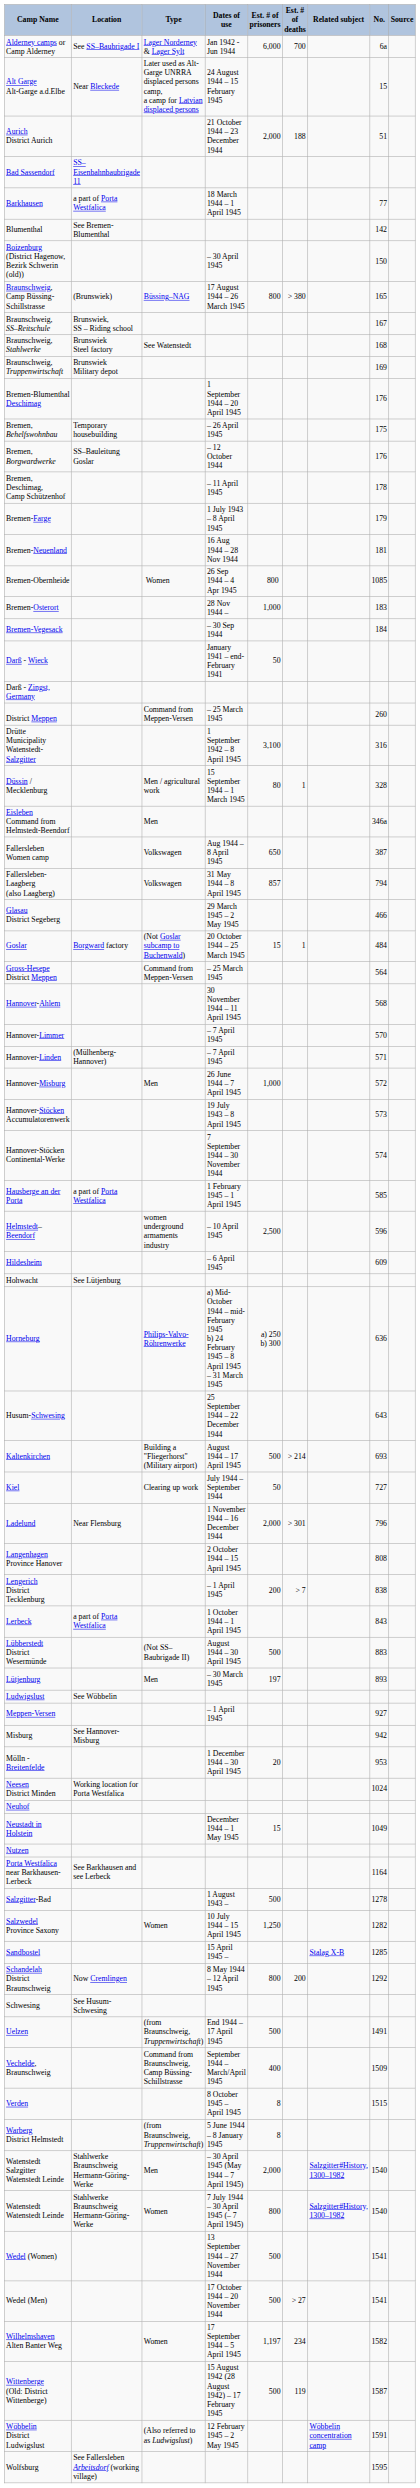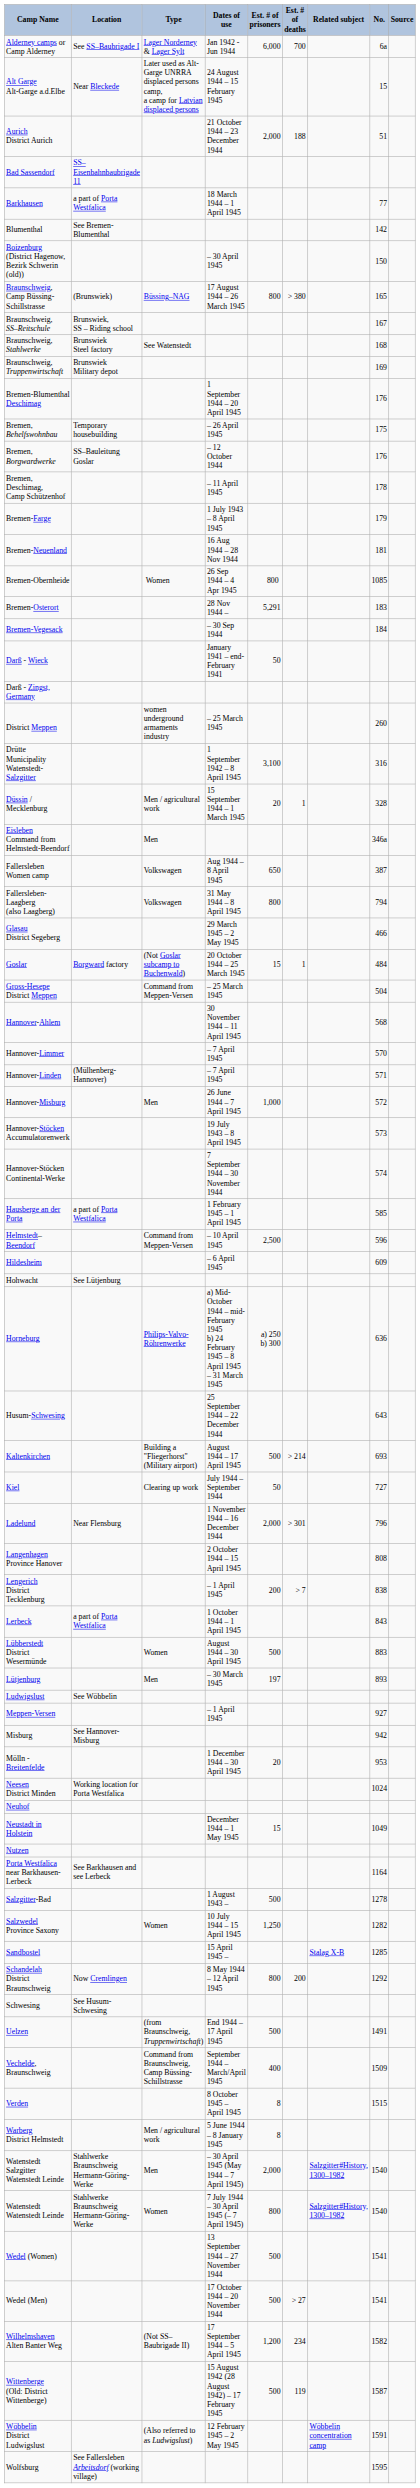 <table class="wikitable" width="100%" style="font-size: 90%;">
 <tr>
 <th style="text-align:center;background:#B0C4DE">Camp Name</th>
 <th style="text-align:center;background:#B0C4DE">Location</th>
 <th style="text-align:center;background:#B0C4DE">Type</th>
 <th style="text-align:center;background:#B0C4DE">Dates of use</th>
 <th style="text-align:center;background:#B0C4DE">Est. # of prisoners</th>
 <th style="text-align:center;background:#B0C4DE">Est. # of deaths</th>
 <th style="text-align:center;background:#B0C4DE">Related subject</th>
 <th style="text-align:center;background:#B0C4DE">No.</th>
 <th style="text-align:center;background:#B0C4DE">Source</th>
 </tr>
 <tr>
 <td><a href='#'>Alderney camps</a> or Camp Alderney</td>
 <td>See <a href='#'>SS–Baubrigade I</a></td>
 <td><a href='#'>Lager Norderney</a> & <a href='#'>Lager Sylt</a></td>
 <td>Jan 1942 - Jun 1944</td>
 <td style="text-align:right;">6,000</td>
 <td style="text-align:right;">700</td>
 <td></td>
 <td style="text-align:right;">6a</td>
 <td></td>
 </tr>
 <tr>
 <td><a href='#'>Alt Garge</a><br>Alt-Garge a.d.Elbe</td>
 <td>Near <a href='#'>Bleckede</a></td>
 <td>Later used as Alt-Garge UNRRA displaced persons camp,<br>a camp for <a href='#'>Latvian</a> <a href='#'>displaced persons</a></td>
 <td>24 August 1944 – 15 February 1945</td>
 <td style="text-align:right;"></td>
 <td style="text-align:right;"></td>
 <td></td>
 <td style="text-align:right;">15</td>
 <td></td>
 </tr>
 <tr>
 <td><a href='#'>Aurich</a><br>District Aurich</td>
 <td></td>
 <td></td>
 <td>21 October 1944 – 23 December 1944</td>
 <td style="text-align:right;">2,000</td>
 <td style="text-align:right;">188</td>
 <td></td>
 <td style="text-align:right;">51</td>
 <td></td>
 </tr>
 <tr>
 <td><a href='#'>Bad Sassendorf</a></td>
 <td><a href='#'>SS–Eisenbahnbaubrigade 11</a></td>
 <td></td>
 <td></td>
 <td style="text-align:right;"></td>
 <td style="text-align:right;"></td>
 <td></td>
 <td></td>
 <td></td>
 </tr>
 <tr>
 <td><a href='#'>Barkhausen</a></td>
 <td>a part of <a href='#'>Porta Westfalica</a></td>
 <td></td>
 <td>18 March 1944 – 1 April 1945</td>
 <td style="text-align:right;"></td>
 <td style="text-align:right;"></td>
 <td></td>
 <td style="text-align:right;">77</td>
 <td></td>
 </tr>
 <tr>
 <td>Blumenthal</td>
 <td>See Bremen-Blumenthal</td>
 <td></td>
 <td></td>
 <td style="text-align:right;"></td>
 <td style="text-align:right;"></td>
 <td></td>
 <td style="text-align:right;">142</td>
 <td></td>
 </tr>
 <tr>
 <td><a href='#'>Boizenburg</a><br>(District Hagenow, Bezirk Schwerin (old))</td>
 <td></td>
 <td></td>
 <td>– 30 April 1945</td>
 <td style="text-align:right;"></td>
 <td style="text-align:right;"></td>
 <td></td>
 <td style="text-align:right;">150</td>
 <td></td>
 </tr>
 <tr>
 <td><a href='#'>Braunschweig</a>,<br>Camp Büssing-Schillstrasse</td>
 <td>(Brunswiek)</td>
 <td><a href='#'>Büssing–NAG</a></td>
 <td>17 August 1944 – 26 March 1945</td>
 <td style="text-align:right;">800</td>
 <td style="text-align:right;">> 380</td>
 <td></td>
 <td style="text-align:right;">165</td>
 <td></td>
 </tr>
 <tr>
 <td>Braunschweig,<br><em>SS–Reitschule</em></td>
 <td>Brunswiek,<br>SS – Riding school</td>
 <td></td>
 <td></td>
 <td style="text-align:right;"></td>
 <td style="text-align:right;"></td>
 <td></td>
 <td style="text-align:right;">167</td>
 <td></td>
 </tr>
 <tr>
 <td>Braunschweig,<br><em>Stahlwerke</em></td>
 <td>Brunswiek<br>Steel factory</td>
 <td>See Watenstedt</td>
 <td></td>
 <td style="text-align:right;"></td>
 <td style="text-align:right;"></td>
 <td></td>
 <td style="text-align:right;">168</td>
 <td></td>
 </tr>
 <tr>
 <td>Braunschweig,<br><em>Truppenwirtschaft</em></td>
 <td>Brunswiek<br>Military depot</td>
 <td></td>
 <td></td>
 <td style="text-align:right;"></td>
 <td style="text-align:right;"></td>
 <td></td>
 <td style="text-align:right;">169</td>
 <td></td>
 </tr>
 <tr>
 <td>Bremen-Blumenthal<br><a href='#'>Deschimag</a></td>
 <td></td>
 <td></td>
 <td>1 September 1944 – 20 April 1945</td>
 <td style="text-align:right;"></td>
 <td style="text-align:right;"></td>
 <td></td>
 <td style="text-align:right;">176</td>
 <td></td>
 </tr>
 <tr>
 <td>Bremen, <em>Behelfswohnbau</em></td>
 <td>Temporary housebuilding</td>
 <td></td>
 <td>– 26 April 1945</td>
 <td style="text-align:right;"></td>
 <td style="text-align:right;"></td>
 <td></td>
 <td style="text-align:right;">175</td>
 <td></td>
 </tr>
 <tr>
 <td>Bremen, <em>Borgwardwerke</em></td>
 <td>SS–Bauleitung Goslar</td>
 <td></td>
 <td>– 12 October 1944</td>
 <td style="text-align:right;"></td>
 <td style="text-align:right;"></td>
 <td></td>
 <td style="text-align:right;">176</td>
 <td></td>
 </tr>
 <tr>
 <td>Bremen, Deschimag,<br>Camp Schützenhof</td>
 <td></td>
 <td></td>
 <td>– 11 April 1945</td>
 <td style="text-align:right;"></td>
 <td style="text-align:right;"></td>
 <td></td>
 <td style="text-align:right;">178</td>
 <td></td>
 </tr>
 <tr>
 <td>Bremen-<a href='#'>Farge</a></td>
 <td></td>
 <td></td>
 <td>1 July 1943 – 8 April 1945</td>
 <td style="text-align:right;"></td>
 <td style="text-align:right;"></td>
 <td></td>
 <td style="text-align:right;">179</td>
 <td> </td>
 </tr>
 <tr>
 <td>Bremen-<a href='#'>Neuenland</a></td>
 <td></td>
 <td></td>
 <td>16 Aug 1944 – 28 Nov 1944</td>
 <td style="text-align:right;"></td>
 <td style="text-align:right;"></td>
 <td></td>
 <td style="text-align:right;">181</td>
 <td></td>
 </tr>
 <tr>
 <td>Bremen-Obernheide</td>
 <td></td>
 <td> Women</td>
 <td>26 Sep 1944 – 4 Apr 1945</td>
 <td style="text-align:right;">800 </td>
 <td style="text-align:right;"></td>
 <td style="text-align:right;"></td>
 <td style="text-align:right;">1085</td>
 <td></td>
 </tr>
 <tr>
 <td>Bremen-<a href='#'>Osterort</a></td>
 <td></td>
 <td></td>
 <td>28 Nov 1944 –</td>
-<td style="text-align:right;">1,000</td>
+<td style="text-align:right;">5,291</td>
 <td style="text-align:right;"></td>
 <td></td>
 <td style="text-align:right;">183</td>
 <td></td>
 </tr>
 <tr>
 <td><a href='#'>Bremen-Vegesack</a></td>
 <td></td>
 <td></td>
 <td>– 30 Sep 1944</td>
 <td style="text-align:right;"></td>
 <td style="text-align:right;"></td>
 <td></td>
 <td style="text-align:right;">184</td>
 <td></td>
 </tr>
 <tr>
 <td><a href='#'>Darß</a> - <a href='#'>Wieck</a></td>
 <td></td>
 <td></td>
 <td>January 1941 – end-February 1941</td>
 <td style="text-align:right;">50</td>
 <td style="text-align:right;"></td>
 <td></td>
 <td></td>
 <td></td>
 </tr>
 <tr>
 <td>Darß - <a href='#'>Zingst, Germany</a></td>
 <td></td>
 <td></td>
 <td></td>
 <td style="text-align:right;"></td>
 <td style="text-align:right;"></td>
 <td></td>
 <td></td>
 <td></td>
 </tr>
 <tr>
 <td><br>District <a href='#'>Meppen</a></td>
 <td></td>
-<td>Command from Meppen-Versen</td>
+<td>women<br>underground armaments industry</td>
 <td>– 25 March 1945</td>
 <td style="text-align:right;"></td>
 <td style="text-align:right;"></td>
 <td></td>
 <td style="text-align:right;">260</td>
 <td></td>
 </tr>
 <tr>
 <td>Drütte<br> Municipality Watenstedt-<a href='#'>Salzgitter</a></td>
 <td></td>
 <td></td>
 <td>1 September 1942 – 8 April 1945</td>
 <td style="text-align:right;">3,100</td>
 <td style="text-align:right;"></td>
 <td></td>
 <td style="text-align:right;">316</td>
 <td></td>
 </tr>
 <tr>
 <td><a href='#'>Düssin</a> / Mecklenburg</td>
 <td></td>
 <td>Men / agricultural work</td>
 <td>15 September 1944 – 1 March 1945</td>
-<td style="text-align:right;">80</td>
+<td style="text-align:right;">20</td>
 <td style="text-align:right;">1</td>
 <td></td>
 <td style="text-align:right;">328</td>
 <td></td>
 </tr>
 <tr>
 <td><a href='#'>Eisleben</a><br>Command from Helmstedt-Beendorf</td>
 <td></td>
 <td>Men</td>
 <td></td>
 <td style="text-align:right;"></td>
 <td style="text-align:right;"></td>
 <td></td>
 <td style="text-align:right;">346a</td>
 <td></td>
 </tr>
 <tr>
 <td>Fallersleben<br> Women camp</td>
 <td></td>
 <td>Volkswagen</td>
 <td>Aug 1944 – 8 April 1945</td>
 <td style="text-align:right;">650</td>
 <td style="text-align:right;"></td>
 <td></td>
 <td style="text-align:right;">387</td>
 <td></td>
 </tr>
 <tr>
 <td>Fallersleben-Laagberg<br>(also Laagberg)</td>
 <td></td>
 <td>Volkswagen</td>
 <td>31 May 1944 – 8 April 1945</td>
-<td style="text-align:right;">857</td>
+<td style="text-align:right;">800</td>
 <td style="text-align:right;"></td>
 <td></td>
 <td style="text-align:right;">794</td>
 <td></td>
 </tr>
 <tr>
 <td><a href='#'>Glasau</a><br>District Segeberg</td>
 <td></td>
 <td></td>
 <td>29 March 1945 – 2 May 1945</td>
 <td style="text-align:right;"></td>
 <td style="text-align:right;"></td>
 <td></td>
 <td style="text-align:right;">466</td>
 <td></td>
 </tr>
 <tr>
 <td><a href='#'>Goslar</a></td>
 <td><a href='#'>Borgward</a> factory</td>
 <td>(Not <a href='#'>Goslar subcamp to Buchenwald</a>)</td>
 <td>20 October 1944 – 25 March 1945</td>
 <td style="text-align:right;">15</td>
 <td style="text-align:right;">1</td>
 <td></td>
 <td style="text-align:right;">484</td>
 <td></td>
 </tr>
 <tr>
 <td><a href='#'>Gross-Hesepe</a><br>District <a href='#'>Meppen</a></td>
 <td></td>
 <td>Command from Meppen-Versen</td>
 <td>– 25 March 1945</td>
 <td style="text-align:right;"></td>
 <td style="text-align:right;"></td>
 <td></td>
-<td style="text-align:right;">564</td>
+<td style="text-align:right;">504</td>
 <td></td>
 </tr>
 <tr>
 <td><a href='#'>Hannover</a>-<a href='#'>Ahlem</a></td>
 <td></td>
 <td></td>
 <td>30 November 1944 – 11 April 1945</td>
 <td style="text-align:right;"></td>
 <td style="text-align:right;"></td>
 <td></td>
 <td style="text-align:right;">568</td>
 <td></td>
 </tr>
 <tr>
 <td>Hannover-<a href='#'>Limmer</a></td>
 <td></td>
 <td></td>
 <td>– 7 April 1945</td>
 <td style="text-align:right;"></td>
 <td style="text-align:right;"></td>
 <td></td>
 <td style="text-align:right;">570</td>
 <td></td>
 </tr>
 <tr>
 <td>Hannover-<a href='#'>Linden</a></td>
 <td>(Mülhenberg-Hannover)</td>
 <td></td>
 <td>– 7 April 1945</td>
 <td style="text-align:right;"></td>
 <td style="text-align:right;"></td>
 <td></td>
 <td style="text-align:right;">571</td>
 <td></td>
 </tr>
 <tr>
 <td>Hannover-<a href='#'>Misburg</a></td>
 <td></td>
 <td>Men</td>
 <td>26 June 1944 – 7 April 1945</td>
 <td style="text-align:right;">1,000</td>
 <td style="text-align:right;"></td>
 <td></td>
 <td style="text-align:right;">572</td>
 <td></td>
 </tr>
 <tr>
 <td>Hannover-<a href='#'>Stöcken</a><br>Accumulatorenwerk</td>
 <td></td>
 <td></td>
 <td>19 July 1943 – 8 April 1945</td>
 <td style="text-align:right;"></td>
 <td style="text-align:right;"></td>
 <td></td>
 <td style="text-align:right;">573</td>
 <td></td>
 </tr>
 <tr>
 <td>Hannover-Stöcken<br>Continental-Werke</td>
 <td></td>
 <td></td>
 <td>7 September 1944 – 30 November 1944</td>
 <td style="text-align:right;"></td>
 <td style="text-align:right;"></td>
 <td></td>
 <td style="text-align:right;">574</td>
 <td></td>
 </tr>
 <tr>
 <td><a href='#'>Hausberge an der Porta</a></td>
 <td>a part of <a href='#'>Porta Westfalica</a></td>
 <td></td>
 <td>1 February 1945 – 1 April 1945</td>
 <td style="text-align:right;"></td>
 <td style="text-align:right;"></td>
 <td></td>
 <td style="text-align:right;">585</td>
 <td></td>
 </tr>
 <tr>
 <td><a href='#'>Helmstedt</a>–<a href='#'>Beendorf</a></td>
 <td></td>
-<td>women<br>underground armaments industry</td>
+<td>Command from Meppen-Versen</td>
 <td>– 10 April 1945</td>
 <td style="text-align:right;">2,500</td>
 <td style="text-align:right;"></td>
 <td></td>
 <td style="text-align:right;">596</td>
 <td></td>
 </tr>
 <tr>
 <td><a href='#'>Hildesheim</a></td>
 <td></td>
 <td></td>
 <td>– 6 April 1945</td>
 <td style="text-align:right;"></td>
 <td style="text-align:right;"></td>
 <td></td>
 <td style="text-align:right;">609</td>
 <td></td>
 </tr>
 <tr>
 <td>Hohwacht</td>
 <td>See Lütjenburg</td>
 <td></td>
 <td></td>
 <td style="text-align:right;"></td>
 <td style="text-align:right;"></td>
 <td></td>
 <td></td>
 <td></td>
 </tr>
 <tr>
 <td><a href='#'>Horneburg</a></td>
 <td></td>
 <td><a href='#'>Philips-Valvo-Röhrenwerke</a></td>
 <td>a) Mid-October 1944 – mid-February 1945<br>b) 24 February 1945 – 8 April 1945<br> – 31 March 1945</td>
 <td style="text-align:right;">a) 250<br> b) 300</td>
 <td style="text-align:right;"></td>
 <td></td>
 <td style="text-align:right;">636</td>
 <td></td>
 </tr>
 <tr>
 <td>Husum-<a href='#'>Schwesing</a></td>
 <td></td>
 <td></td>
 <td>25 September 1944 – 22 December 1944</td>
 <td style="text-align:right;"></td>
 <td style="text-align:right;"></td>
 <td></td>
 <td style="text-align:right;">643</td>
 <td></td>
 </tr>
 <tr>
 <td><a href='#'>Kaltenkirchen</a></td>
 <td></td>
 <td>Building a "Fliegerhorst" (Military airport)</td>
 <td>August 1944 – 17 April 1945</td>
 <td style="text-align:right;">500</td>
 <td style="text-align:right;">> 214</td>
 <td></td>
 <td style="text-align:right;">693</td>
 <td></td>
 </tr>
 <tr>
 <td><a href='#'>Kiel</a></td>
 <td></td>
 <td>Clearing up work</td>
 <td>July 1944 – September 1944</td>
 <td style="text-align:right;">50</td>
 <td style="text-align:right;"></td>
 <td></td>
 <td style="text-align:right;">727</td>
 <td></td>
 </tr>
 <tr>
 <td><a href='#'>Ladelund</a></td>
 <td>Near Flensburg</td>
 <td></td>
 <td>1 November 1944 – 16 December 1944</td>
 <td style="text-align:right;">2,000</td>
 <td style="text-align:right;">> 301</td>
 <td></td>
 <td style="text-align:right;">796</td>
 <td></td>
 </tr>
 <tr>
 <td><a href='#'>Langenhagen</a><br>Province Hanover</td>
 <td></td>
 <td></td>
 <td>2 October 1944 – 15 April 1945</td>
 <td style="text-align:right;"></td>
 <td style="text-align:right;"></td>
 <td></td>
 <td style="text-align:right;">808</td>
 <td></td>
 </tr>
 <tr>
 <td><a href='#'>Lengerich</a><br>District Tecklenburg</td>
 <td></td>
 <td></td>
 <td>– 1 April 1945</td>
 <td style="text-align:right;">200</td>
 <td style="text-align:right;">> 7</td>
 <td></td>
 <td style="text-align:right;">838</td>
 <td></td>
 </tr>
 <tr>
 <td><a href='#'>Lerbeck</a></td>
 <td>a part of <a href='#'>Porta Westfalica</a></td>
 <td></td>
 <td>1 October 1944 – 1 April 1945</td>
 <td style="text-align:right;"></td>
 <td style="text-align:right;"></td>
 <td></td>
 <td style="text-align:right;">843</td>
 <td></td>
 </tr>
 <tr>
 <td><a href='#'>Lübberstedt</a><br>District Wesermünde</td>
 <td></td>
-<td>(Not SS–Baubrigade II)</td>
+<td>Women</td>
 <td>August 1944 – 30 April 1945</td>
 <td style="text-align:right;">500</td>
 <td style="text-align:right;"></td>
 <td></td>
 <td style="text-align:right;">883</td>
 <td></td>
 </tr>
 <tr>
 <td><a href='#'>Lütjenburg</a></td>
 <td></td>
 <td>Men</td>
 <td>– 30 March 1945</td>
 <td style="text-align:right;">197</td>
 <td style="text-align:right;"></td>
 <td></td>
 <td style="text-align:right;">893</td>
 <td></td>
 </tr>
 <tr>
 <td><a href='#'>Ludwigslust</a></td>
 <td>See Wöbbelin</td>
 <td></td>
 <td></td>
 <td style="text-align:right;"></td>
 <td style="text-align:right;"></td>
 <td></td>
 <td></td>
 <td></td>
 </tr>
 <tr>
 <td><a href='#'>Meppen-Versen</a></td>
 <td></td>
 <td></td>
 <td>– 1 April 1945</td>
 <td style="text-align:right;"></td>
 <td style="text-align:right;"></td>
 <td></td>
 <td style="text-align:right;">927</td>
 <td></td>
 </tr>
 <tr>
 <td>Misburg</td>
 <td>See Hannover-Misburg</td>
 <td></td>
 <td></td>
 <td style="text-align:right;"></td>
 <td style="text-align:right;"></td>
 <td></td>
 <td style="text-align:right;">942</td>
 <td></td>
 </tr>
 <tr>
 <td>Mölln - <a href='#'>Breitenfelde</a></td>
 <td></td>
 <td></td>
 <td>1 December 1944 – 30 April 1945</td>
 <td style="text-align:right;">20</td>
 <td style="text-align:right;"></td>
 <td></td>
 <td style="text-align:right;">953</td>
 <td></td>
 </tr>
 <tr>
 <td><a href='#'>Neesen</a><br>District Minden</td>
 <td>Working location for Porta Westfalica</td>
 <td></td>
 <td></td>
 <td style="text-align:right;"></td>
 <td style="text-align:right;"></td>
 <td></td>
 <td style="text-align:right;">1024</td>
 <td></td>
 </tr>
 <tr>
 <td><a href='#'>Neuhof</a></td>
 <td></td>
 <td></td>
 <td></td>
 <td style="text-align:right;"></td>
 <td style="text-align:right;"></td>
 <td></td>
 <td></td>
 <td></td>
 </tr>
 <tr>
 <td><a href='#'>Neustadt in Holstein</a></td>
 <td></td>
 <td></td>
 <td>December 1944 – 1 May 1945</td>
 <td style="text-align:right;">15</td>
 <td style="text-align:right;"></td>
 <td></td>
 <td style="text-align:right;">1049</td>
 <td></td>
 </tr>
 <tr>
 <td><a href='#'>Nutzen</a></td>
 <td></td>
 <td></td>
 <td></td>
 <td style="text-align:right;"></td>
 <td style="text-align:right;"></td>
 <td></td>
 <td></td>
 <td></td>
 </tr>
 <tr>
 <td><a href='#'>Porta Westfalica</a><br>near Barkhausen-Lerbeck</td>
 <td>See Barkhausen and see Lerbeck</td>
 <td></td>
 <td></td>
 <td style="text-align:right;"></td>
 <td style="text-align:right;"></td>
 <td></td>
 <td style="text-align:right;">1164</td>
 <td></td>
 </tr>
 <tr>
 <td><a href='#'>Salzgitter</a>-Bad</td>
 <td></td>
 <td></td>
 <td>1 August 1943 –</td>
 <td style="text-align:right;">500</td>
 <td style="text-align:right;"></td>
 <td></td>
 <td style="text-align:right;">1278</td>
 <td></td>
 </tr>
 <tr>
 <td><a href='#'>Salzwedel</a><br>Province Saxony</td>
 <td></td>
 <td>Women</td>
 <td>10 July 1944 – 15 April 1945</td>
 <td style="text-align:right;">1,250</td>
 <td style="text-align:right;"></td>
 <td></td>
 <td style="text-align:right;">1282</td>
 <td></td>
 </tr>
 <tr>
 <td><a href='#'>Sandbostel</a></td>
 <td></td>
 <td></td>
 <td>15 April 1945 –</td>
 <td style="text-align:right;"></td>
 <td style="text-align:right;"></td>
 <td><a href='#'>Stalag X-B</a></td>
 <td style="text-align:right;">1285</td>
 <td></td>
 </tr>
 <tr>
 <td><a href='#'>Schandelah</a><br>District Braunschweig</td>
 <td>Now <a href='#'>Cremlingen</a></td>
 <td></td>
 <td>8 May 1944 – 12 April 1945</td>
 <td style="text-align:right;">800</td>
 <td style="text-align:right;">200</td>
 <td></td>
 <td style="text-align:right;">1292</td>
 <td></td>
 </tr>
 <tr>
 <td>Schwesing</td>
 <td>See Husum-Schwesing</td>
 <td></td>
 <td></td>
 <td style="text-align:right;"></td>
 <td style="text-align:right;"></td>
 <td></td>
 <td></td>
 <td></td>
 </tr>
 <tr>
 <td><a href='#'>Uelzen</a></td>
 <td></td>
 <td>(from Braunschweig, <em>Truppenwirtschaft</em>)</td>
 <td>End 1944 – 17 April 1945</td>
 <td style="text-align:right;">500</td>
 <td style="text-align:right;"></td>
 <td></td>
 <td style="text-align:right;">1491</td>
 <td></td>
 </tr>
 <tr>
 <td><a href='#'>Vechelde</a>, Braunschweig</td>
 <td></td>
 <td>Command from Braunschweig, Camp Büssing-Schillstrasse</td>
 <td>September 1944 – March/April 1945</td>
 <td style="text-align:right;">400</td>
 <td style="text-align:right;"></td>
 <td></td>
 <td style="text-align:right;">1509</td>
 <td></td>
 </tr>
 <tr>
 <td><a href='#'>Verden</a></td>
 <td></td>
 <td></td>
 <td>8 October 1945 – April 1945</td>
 <td style="text-align:right;">8</td>
 <td style="text-align:right;"></td>
 <td></td>
 <td style="text-align:right;">1515</td>
 <td></td>
 </tr>
 <tr>
 <td><a href='#'>Warberg</a><br>District Helmstedt</td>
 <td></td>
-<td>(from Braunschweig, <em>Truppenwirtschaft</em>)</td>
+<td>Men / agricultural work</td>
 <td>5 June 1944 – 8 January 1945</td>
 <td style="text-align:right;">8</td>
 <td style="text-align:right;"></td>
 <td></td>
 <td></td>
 <td></td>
 </tr>
 <tr>
 <td>Watenstedt<br>Salzgitter Watenstedt Leinde</td>
 <td>Stahlwerke Braunschweig<br>Hermann-Göring-Werke</td>
 <td>Men</td>
 <td>– 30 April 1945 (May 1944 – 7 April 1945)</td>
 <td style="text-align:right;">2,000</td>
 <td style="text-align:right;"></td>
 <td><a href='#'>Salzgitter#History, 1300–1982</a></td>
 <td style="text-align:right;">1540</td>
 <td></td>
 </tr>
 <tr>
 <td>Watenstedt<br>Watenstedt Leinde</td>
 <td>Stahlwerke Braunschweig<br>Hermann-Göring-Werke</td>
 <td>Women</td>
 <td>7 July 1944 – 30 April 1945 (– 7 April 1945)</td>
 <td style="text-align:right;">800</td>
 <td style="text-align:right;"></td>
 <td><a href='#'>Salzgitter#History, 1300–1982</a></td>
 <td style="text-align:right;">1540</td>
 <td></td>
 </tr>
 <tr>
 <td><a href='#'>Wedel</a> (Women)</td>
 <td></td>
 <td></td>
 <td>13 September 1944 – 27 November 1944</td>
 <td style="text-align:right;">500</td>
 <td style="text-align:right;"></td>
 <td></td>
 <td style="text-align:right;">1541</td>
 <td></td>
 </tr>
 <tr>
 <td>Wedel (Men)</td>
 <td></td>
 <td></td>
 <td>17 October 1944 – 20 November 1944</td>
 <td style="text-align:right;">500</td>
 <td style="text-align:right;">> 27</td>
 <td></td>
 <td style="text-align:right;">1541</td>
 <td></td>
 </tr>
 <tr>
 <td><a href='#'>Wilhelmshaven</a><br>Alten Banter Weg</td>
 <td></td>
-<td>Women</td>
+<td>(Not SS–Baubrigade II)</td>
 <td>17 September 1944 – 5 April 1945</td>
-<td style="text-align:right;">1,197</td>
+<td style="text-align:right;">1,200</td>
 <td style="text-align:right;">234</td>
 <td></td>
 <td style="text-align:right;">1582</td>
 <td></td>
 </tr>
 <tr>
 <td><a href='#'>Wittenberge</a><br>(Old: District Wittenberge)</td>
 <td></td>
 <td></td>
 <td>15 August 1942 (28 August 1942) – 17 February 1945</td>
 <td style="text-align:right;">500</td>
 <td style="text-align:right;">119</td>
 <td></td>
 <td style="text-align:right;">1587</td>
 <td></td>
 </tr>
 <tr>
 <td><a href='#'>Wöbbelin</a><br>District Ludwigslust</td>
 <td></td>
 <td>(Also referred to as <em>Ludwigslust</em>)</td>
 <td>12 February 1945 – 2 May 1945</td>
 <td style="text-align:right;"></td>
 <td style="text-align:right;"></td>
 <td><a href='#'>Wöbbelin concentration camp</a></td>
 <td style="text-align:right;">1591</td>
 <td></td>
 </tr>
 <tr>
 <td>Wolfsburg</td>
 <td>See Fallersleben <em><a href='#'>Arbeitsdorf</a></em> (working village)</td>
 <td></td>
 <td></td>
 <td style="text-align:right;"></td>
 <td style="text-align:right;"></td>
 <td></td>
 <td style="text-align:right;">1595</td>
 <td></td>
 </tr>
 </table>
